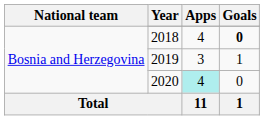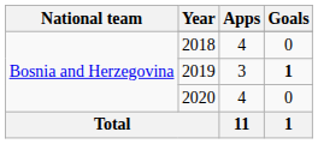 <table class="wikitable" style="text-align:center">
 <tr>
 <th>National team</th>
 <th>Year</th>
 <th>Apps</th>
 <th>Goals</th>
 </tr>
 <tr>
 <td rowspan=4><a href='#'>Bosnia and Herzegovina</a></td>
 </tr>
 <tr>
 <td>2018</td>
 <td>4</td>
-<td><strong>0</strong></td>
+<td>0</td>
 </tr>
 <tr>
 <td>2019</td>
 <td>3</td>
-<td>1</td>
+<td><strong>1</strong></td>
 </tr>
 <tr>
 <td>2020</td>
-<td style="background: paleturquoise;">4</td>
+<td>4</td>
 <td>0</td>
 </tr>
 <tr>
 <th colspan=2>Total</th>
 <th>11</th>
 <th>1</th>
 </tr>
 </table>
